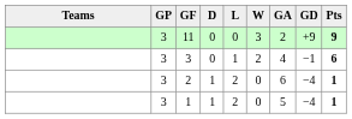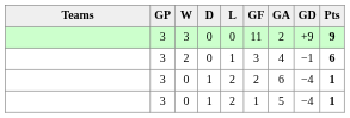 <table style=border-collapse:collapse border=1 cellspacing=0 cellpadding=5>
 <tr align=center bgcolor=#efefef>
 <th width=185>Teams</th>
 <th width=20>GP</th>
-<th width=20>GF</th>
+<th width=20>W</th>
 <th width=20>D</th>
 <th width=20>L</th>
-<th width=20>W</th>
+<th width=20>GF</th>
 <th width=20>GA</th>
 <th width=20>GD</th>
 <th width=20>Pts<br></th>
 </tr>
 <tr align=center bgcolor=#ccffcc>
 <td style="text-align:left;"><strong></strong></td>
 <td>3</td>
-<td>11</td>
+<td>3</td>
 <td>0</td>
 <td>0</td>
-<td>3</td>
+<td>11</td>
 <td>2</td>
 <td>+9</td>
 <td><strong>9</strong></td>
 </tr>
 <tr align=center>
 <td style="text-align:left;"></td>
 <td>3</td>
-<td>3</td>
+<td>2</td>
 <td>0</td>
 <td>1</td>
-<td>2</td>
+<td>3</td>
 <td>4</td>
 <td>−1</td>
 <td><strong>6</strong></td>
 </tr>
 <tr align=center>
 <td style="text-align:left;"></td>
 <td>3</td>
-<td>2</td>
+<td>0</td>
 <td>1</td>
 <td>2</td>
-<td>0</td>
+<td>2</td>
 <td>6</td>
 <td>−4</td>
 <td><strong>1</strong></td>
 </tr>
 <tr align=center>
 <td style="text-align:left;"></td>
 <td>3</td>
-<td>1</td>
+<td>0</td>
 <td>1</td>
 <td>2</td>
-<td>0</td>
+<td>1</td>
 <td>5</td>
 <td>−4</td>
 <td><strong>1</strong></td>
 </tr>
 </table>
